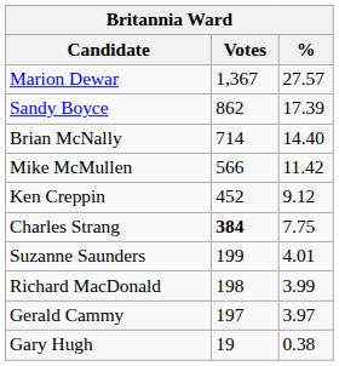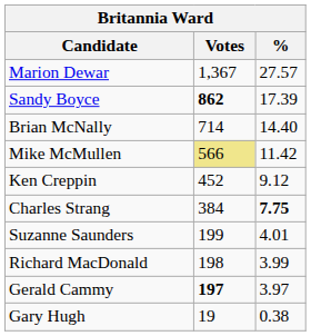 <table class="wikitable">
 <tr>
 <th colspan="3">Britannia Ward</th>
 </tr>
 <tr>
 <th style="width: 170px">Candidate</th>
 <th style="width: 50px">Votes</th>
 <th style="width: 40px">%</th>
 </tr>
 <tr>
 <td><a href='#'>Marion Dewar</a></td>
 <td>1,367</td>
 <td>27.57</td>
 </tr>
 <tr>
 <td><a href='#'>Sandy Boyce</a></td>
-<td>862</td>
+<td><strong>862</strong></td>
 <td>17.39</td>
 </tr>
 <tr>
 <td>Brian McNally</td>
 <td>714</td>
 <td>14.40</td>
 </tr>
 <tr>
 <td>Mike McMullen</td>
-<td>566</td>
+<td style="background: khaki;">566</td>
 <td>11.42</td>
 </tr>
 <tr>
 <td>Ken Creppin</td>
 <td>452</td>
 <td>9.12</td>
 </tr>
 <tr>
 <td>Charles Strang</td>
-<td><strong>384</strong></td>
-<td>7.75</td>
+<td>384</td>
+<td><strong>7.75</strong></td>
 </tr>
 <tr>
 <td>Suzanne Saunders</td>
 <td>199</td>
 <td>4.01</td>
 </tr>
 <tr>
 <td>Richard MacDonald</td>
 <td>198</td>
 <td>3.99</td>
 </tr>
 <tr>
 <td>Gerald Cammy</td>
-<td>197</td>
+<td><strong>197</strong></td>
 <td>3.97</td>
 </tr>
 <tr>
 <td>Gary Hugh</td>
 <td>19</td>
 <td>0.38</td>
 </tr>
 </table>
